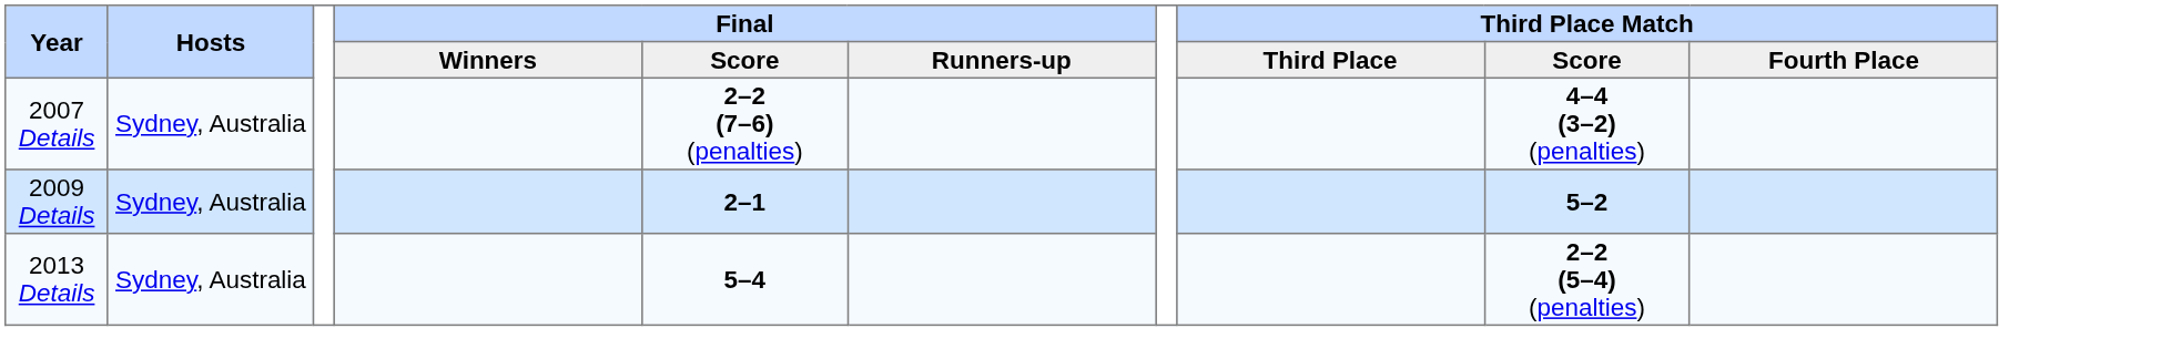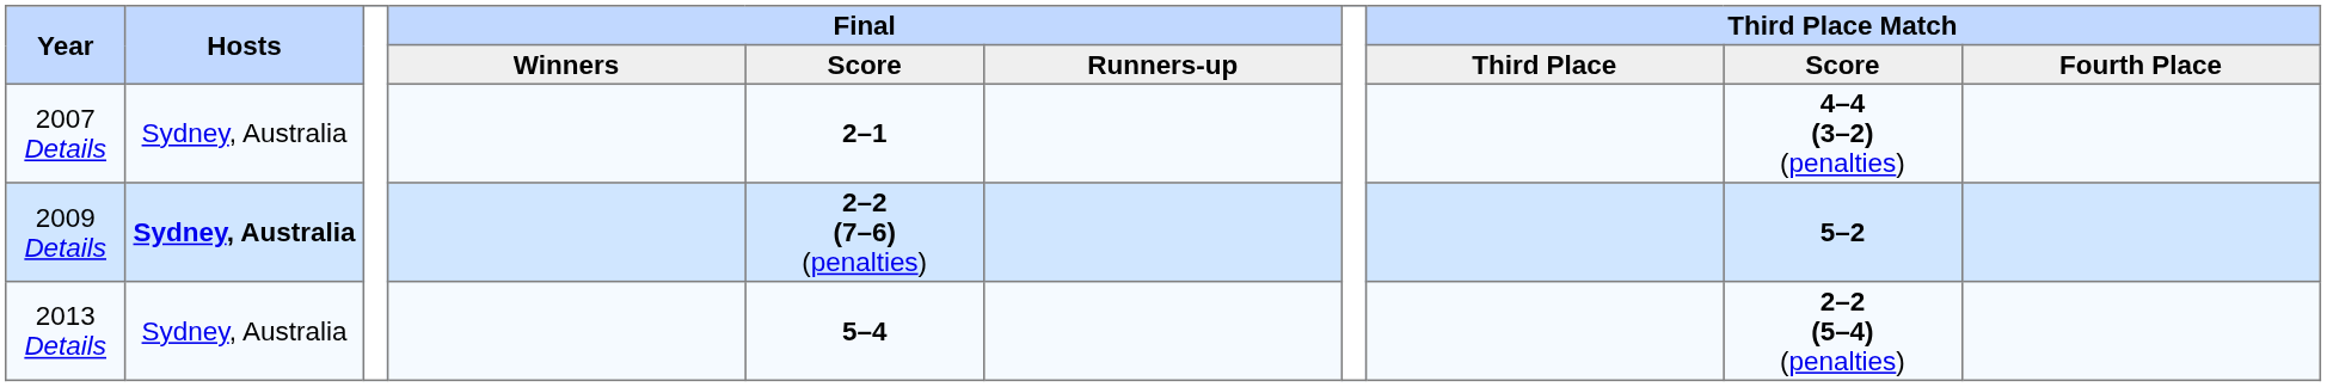 <table border=1 style="border-collapse:collapse; font-size:90%; text-align:center" cellpadding=2 cellspacing=0>
 <tr bgcolor=#C1D8FF>
 <th rowspan=2 width=5%>Year</th>
 <th rowspan=2 width=10%>Hosts</th>
 <th width=1% rowspan=25 bgcolor=ffffff></th>
 <th colspan=3>Final</th>
 <th width=1% rowspan=25 bgcolor=ffffff></th>
 <th colspan=3>Third Place Match</th>
 </tr>
 <tr bgcolor=#EFEFEF>
 <th width=15%>Winners</th>
 <th width=10%>Score</th>
 <th width=15%>Runners-up</th>
 <th width=15%>Third Place</th>
 <th width=10%>Score</th>
 <th width=15%>Fourth Place</th>
 </tr>
 <tr bgcolor=#F5FAFF>
 <td>2007 <br> <em><a href='#'>Details</a></em></td>
 <td><a href='#'>Sydney</a>, Australia</td>
 <td><strong></strong></td>
-<td><strong>2–2</strong><br><strong>(7–6)</strong><br>(<a href='#'>penalties</a>)</td>
+<td><strong>2–1</strong></td>
 <td></td>
 <td></td>
 <td><strong>4–4</strong><br><strong>(3–2)</strong><br>(<a href='#'>penalties</a>)</td>
 <td></td>
 </tr>
 <tr bgcolor=#D0E6FF>
 <td>2009 <br> <em><a href='#'>Details</a></em></td>
-<td><a href='#'>Sydney</a>, Australia</td>
+<td><strong><a href='#'>Sydney</a>, Australia</strong></td>
 <td><strong></strong></td>
-<td><strong>2–1</strong></td>
+<td><strong>2–2</strong><br><strong>(7–6)</strong><br>(<a href='#'>penalties</a>)</td>
 <td></td>
 <td></td>
 <td><strong>5–2</strong></td>
 <td></td>
 </tr>
 <tr bgcolor=#F5FAFF>
 <td>2013 <br> <em><a href='#'>Details</a></em></td>
 <td><a href='#'>Sydney</a>, Australia</td>
 <td><strong></strong></td>
 <td><strong>5–4</strong></td>
 <td></td>
 <td></td>
 <td><strong>2–2</strong><br><strong>(5–4)</strong><br>(<a href='#'>penalties</a>)</td>
 <td></td>
 </tr>
 </table>
